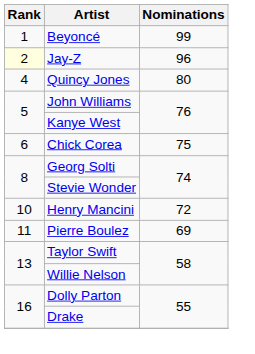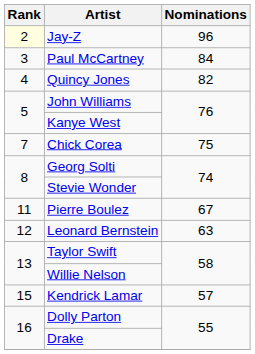 <table class="wikitable" style="text-align: center; cellpadding: 2;">
 <tr>
 <th>Rank</th>
 <th>Artist</th>
 <th>Nominations</th>
 </tr>
 <tr>
-<td>1</td>
-<td align="left"><a href='#'>Beyoncé</a></td>
-<td>99</td>
-</tr>
-<tr>
 <td style="background: lightyellow;">2</td>
 <td align="left"><a href='#'>Jay-Z</a></td>
 <td>96</td>
 </tr>
 <tr>
+<td>3</td>
+<td align="left"><a href='#'>Paul McCartney</a></td>
+<td>84</td>
+</tr>
+<tr>
 <td>4</td>
 <td align="left"><a href='#'>Quincy Jones</a></td>
-<td>80</td>
+<td>82</td>
 </tr>
 <tr>
 <td rowspan="2">5</td>
 <td align="left"><a href='#'>John Williams</a></td>
 <td rowspan="2">76</td>
 </tr>
 <tr>
 <td align="left"><a href='#'>Kanye West</a></td>
 </tr>
 <tr>
-<td>6</td>
+<td>7</td>
 <td align="left"><a href='#'>Chick Corea</a></td>
 <td>75</td>
 </tr>
 <tr>
 <td rowspan="2">8</td>
 <td align="left"><a href='#'>Georg Solti</a></td>
 <td rowspan="2">74</td>
 </tr>
 <tr>
 <td align="left"><a href='#'>Stevie Wonder</a></td>
 </tr>
 <tr>
-<td>10</td>
-<td align="left"><a href='#'>Henry Mancini</a></td>
-<td>72</td>
+<td>11</td>
+<td align="left"><a href='#'>Pierre Boulez</a></td>
+<td>67</td>
 </tr>
 <tr>
-<td>11</td>
-<td align="left"><a href='#'>Pierre Boulez</a></td>
-<td>69</td>
+<td>12</td>
+<td align="left"><a href='#'>Leonard Bernstein</a></td>
+<td>63</td>
 </tr>
 <tr>
 <td rowspan="2">13</td>
 <td align="left"><a href='#'>Taylor Swift</a></td>
 <td rowspan="2">58</td>
 </tr>
 <tr>
 <td align="left"><a href='#'>Willie Nelson</a></td>
+</tr>
+<tr>
+<td>15</td>
+<td align="left"><a href='#'>Kendrick Lamar</a></td>
+<td>57</td>
 </tr>
 <tr>
 <td rowspan="2">16</td>
 <td align="left"><a href='#'>Dolly Parton</a></td>
 <td rowspan="2">55</td>
 </tr>
 <tr>
 <td align="left"><a href='#'>Drake</a></td>
 </tr>
 <tr>
 </tr>
 </table>
